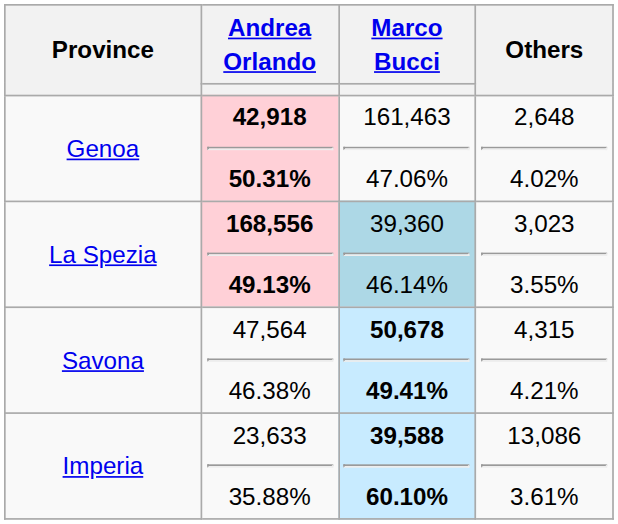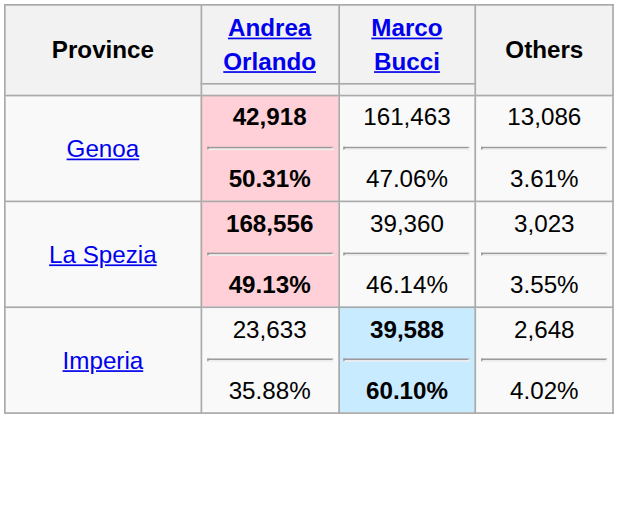 <table class="wikitable" style="text-align:center;font-size:90%;line-height:20px">
 <tr style="height:30px; background-color:#E9E9E9">
 <th style="width:110px;" rowspan="2">Province</th>
 <th style="width:75px;"><a href='#'>Andrea Orlando</a></th>
 <th style="width:75px;"><a href='#'>Marco Bucci</a></th>
 <th rowspan="2" style="width:75px;">Others</th>
 </tr>
 <tr>
 <th style="background:"></th>
 <th style="background:"></th>
 </tr>
 <tr>
 <td><a href='#'>Genoa</a></td>
 <td style="background:#FFD0D7"><strong>42,918 <hr>50.31%</strong></td>
 <td>161,463 <hr>47.06%</td>
-<td>2,648 <hr>4.02%</td>
+<td>13,086 <hr>3.61%</td>
 </tr>
 <tr>
 <td><a href='#'>La Spezia</a></td>
 <td style="background:#FFD0D7"><strong>168,556 <hr>49.13%</strong></td>
-<td style="background: lightblue;">39,360 <hr>46.14%</td>
+<td>39,360 <hr>46.14%</td>
 <td>3,023 <hr>3.55%</td>
-</tr>
-<tr>
-<td><a href='#'>Savona</a></td>
-<td>47,564 <hr>46.38%</td>
-<td style="background:#C8EBFF"><strong>50,678 <hr>49.41%</strong></td>
-<td>4,315 <hr>4.21%</td>
 </tr>
 <tr>
 <td><a href='#'>Imperia</a></td>
 <td>23,633 <hr>35.88%</td>
 <td style="background:#C8EBFF"><strong>39,588 <hr>60.10%</strong></td>
-<td>13,086 <hr>3.61%</td>
+<td>2,648 <hr>4.02%</td>
 </tr>
 </table>
